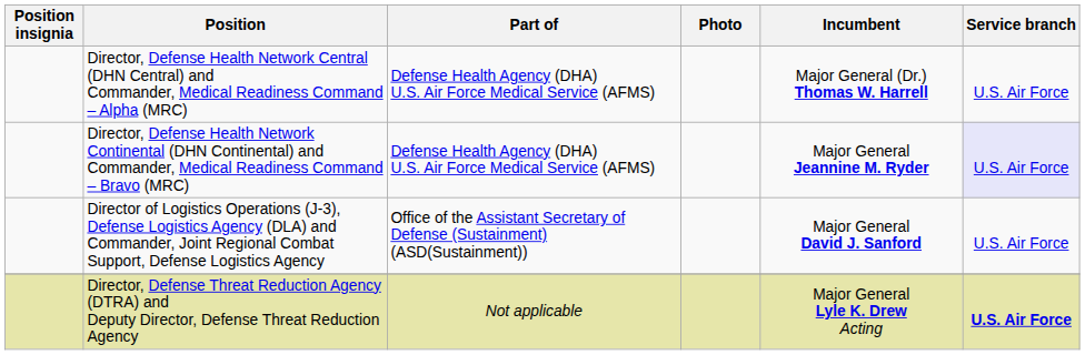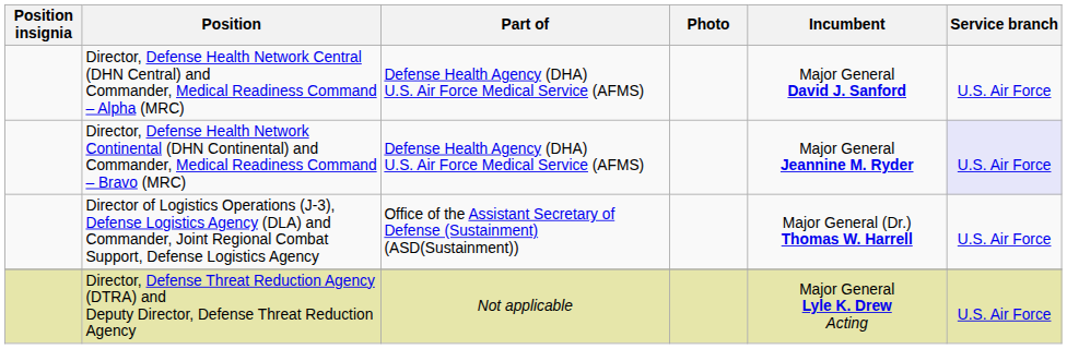 <table class="wikitable">
 <tr>
 <th width="75" style="text-align:center">Position insignia</th>
 <th width="310" style="text-align:center">Position</th>
 <th width="300" style="text-align:center">Part of</th>
 <th width="75" style="text-align:center">Photo</th>
 <th width="205" style="text-align:center">Incumbent</th>
 <th width="115" style="text-align:center">Service branch</th>
 </tr>
 <tr>
 <td></td>
 <td>Director, <a href='#'>Defense Health Network Central</a> (DHN Central) and<br>Commander, <a href='#'>Medical Readiness Command – Alpha</a> (MRC)</td>
 <td> <a href='#'>Defense Health Agency</a> (DHA)<br> <a href='#'>U.S. Air Force Medical Service</a> (AFMS)</td>
 <td></td>
-<td style="text-align:center">Major General (Dr.)<br><strong><a href='#'>Thomas W. Harrell</a></strong></td>
+<td style="text-align:center">Major General<br><strong><a href='#'>David J. Sanford</a></strong></td>
 <td style="text-align:center"><br><a href='#'>U.S. Air Force</a></td>
 </tr>
 <tr>
 <td> </td>
 <td>Director, <a href='#'>Defense Health Network Continental</a> (DHN Continental) and<br>Commander, <a href='#'>Medical Readiness Command – Bravo</a> (MRC)</td>
 <td> <a href='#'>Defense Health Agency</a> (DHA)<br> <a href='#'>U.S. Air Force Medical Service</a> (AFMS)</td>
 <td></td>
 <td style="text-align:center">Major General<br><strong><a href='#'>Jeannine M. Ryder</a></strong></td>
 <td style="background: lavender; text-align:center"><br><a href='#'>U.S. Air Force</a></td>
 </tr>
 <tr>
 <td></td>
 <td>Director of Logistics Operations (J-3), <a href='#'>Defense Logistics Agency</a> (DLA) and<br> Commander, Joint Regional Combat Support, Defense Logistics Agency</td>
 <td> Office of the <a href='#'>Assistant Secretary of Defense (Sustainment)</a> (ASD(Sustainment))</td>
 <td></td>
-<td style="text-align:center">Major General<br><strong><a href='#'>David J. Sanford</a></strong></td>
+<td style="text-align:center">Major General (Dr.)<br><strong><a href='#'>Thomas W. Harrell</a></strong></td>
 <td style="text-align:center"><br><a href='#'>U.S. Air Force</a></td>
 </tr>
 <tr>
 </tr>
 <tr style=background:#e6e6aa;>
 <td></td>
 <td>Director, <a href='#'>Defense Threat Reduction Agency</a> (DTRA) and<br>Deputy Director, Defense Threat Reduction Agency</td>
 <td style="text-align:center"><em>Not applicable</em></td>
 <td></td>
 <td style="text-align:center">Major General<br><strong><a href='#'>Lyle K. Drew</a></strong><br><em>Acting</em></td>
-<td style="text-align:center"><strong><br><a href='#'>U.S. Air Force</a></strong></td>
+<td style="text-align:center"><br><a href='#'>U.S. Air Force</a></td>
 </tr>
 </table>
